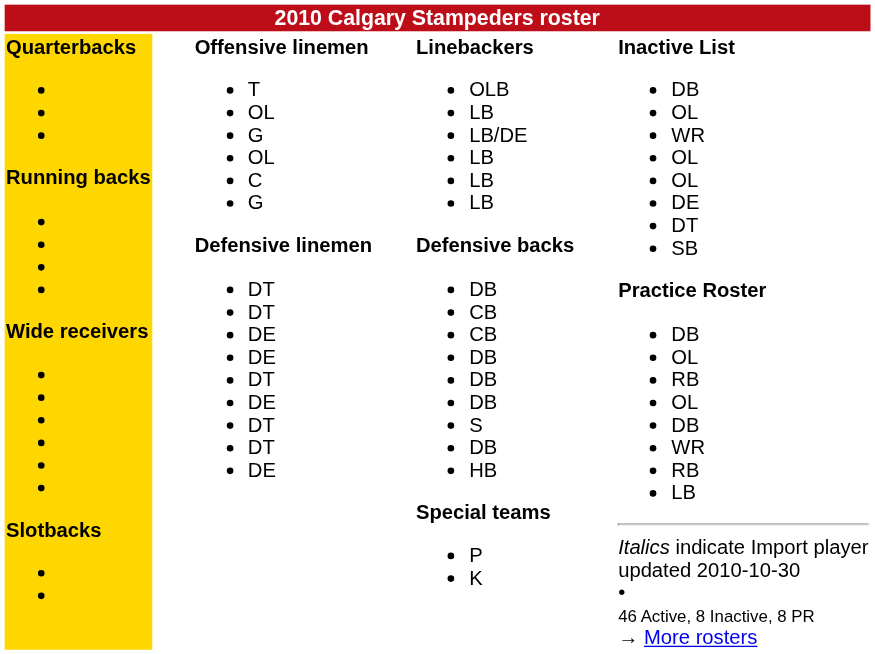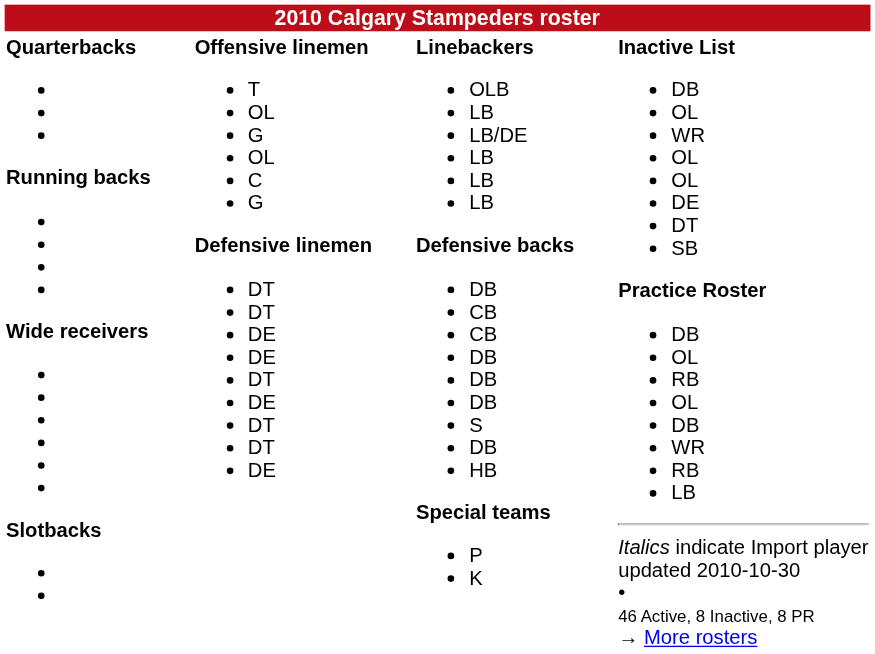 <table class="toccolours" style="text-align: left;">
 <tr>
 <th colspan="7" style="background-color: #bd0d18; color:white; border:2px solid #black; text-align: center">2010 Calgary Stampeders roster</th>
 </tr>
 <tr>
-<td style="background: gold; font-size: 95%;" valign="top"><strong>Quarterbacks</strong><br><ul><li></li><li></li><li></li></ul><strong>Running backs</strong><ul><li></li><li></li><li></li><li></li></ul><strong>Wide receivers</strong><ul><li></li><li></li><li></li><li></li><li></li><li></li></ul><strong>Slotbacks</strong><ul><li></li><li></li></ul></td>
+<td style="font-size: 95%;" valign="top"><strong>Quarterbacks</strong><br><ul><li></li><li></li><li></li></ul><strong>Running backs</strong><ul><li></li><li></li><li></li><li></li></ul><strong>Wide receivers</strong><ul><li></li><li></li><li></li><li></li><li></li><li></li></ul><strong>Slotbacks</strong><ul><li></li><li></li></ul></td>
 <td style="width: 25px;"></td>
 <td style="font-size: 95%;" valign="top"><strong>Offensive linemen</strong><br><ul><li> T</li><li> OL</li><li> G</li><li> OL</li><li> C</li><li> G</li></ul><strong>Defensive linemen</strong><ul><li> DT</li><li> DT</li><li> DE</li><li> DE</li><li> DT</li><li> DE</li><li> DT</li><li> DT</li><li> DE</li></ul></td>
 <td style="width: 25px;"></td>
 <td style="font-size: 95%;" valign="top"><strong>Linebackers </strong><br><ul><li> OLB</li><li> LB</li><li> LB/DE</li><li> LB</li><li> LB</li><li> LB</li></ul><strong>Defensive backs</strong><ul><li> DB</li><li> CB</li><li> CB</li><li> DB</li><li> DB</li><li> DB</li><li> S</li><li> DB</li><li> HB</li></ul><strong>Special teams</strong><ul><li> P</li><li> K</li></ul></td>
 <td style="width: 25px;"></td>
 <td style="font-size: 95%;" valign="top"><strong>Inactive List</strong><br><ul><li> DB</li><li> OL</li><li> WR</li><li> OL</li><li> OL</li><li> DE</li><li> DT</li><li> SB</li></ul><strong>Practice Roster</strong><ul><li> DB</li><li> OL</li><li> RB</li><li> OL</li><li> DB</li><li> WR</li><li> RB</li><li> LB</li></ul><hr> <em>Italics</em> indicate Import player<br> <span></span> updated 2010-10-30<br> <span></span> • <span></span><br> <small>46 Active, 8 Inactive, 8 PR</small><br>→ <a href='#'>More rosters</a></td>
 </tr>
 <tr>
 </tr>
 </table>
